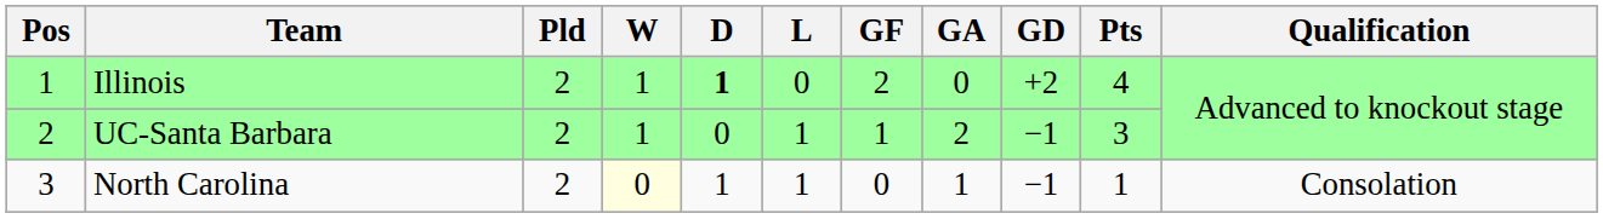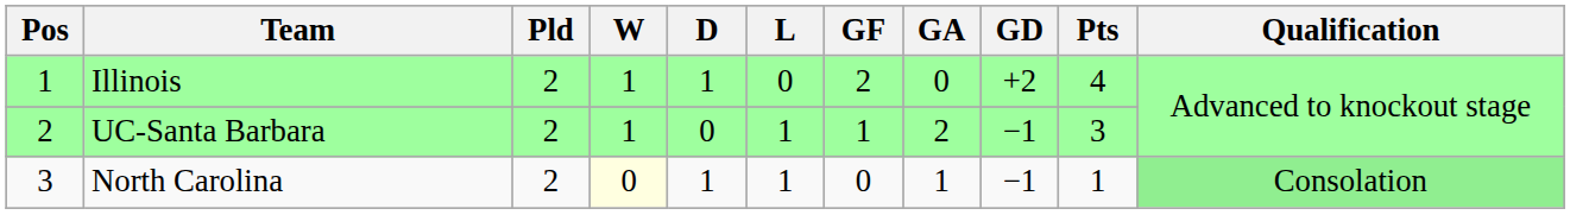 <table class="wikitable" style="text-align:center; margin: 1em auto">
 <tr>
 <th style="width:2em">Pos</th>
 <th style="width:13em">Team</th>
 <th style="width:2em">Pld</th>
 <th style="width:2em">W</th>
 <th style="width:2em">D</th>
 <th style="width:2em">L</th>
 <th style="width:2em">GF</th>
 <th style="width:2em">GA</th>
 <th style="width:2em">GD</th>
 <th style="width:2em">Pts</th>
 <th style="width:13em">Qualification</th>
 </tr>
 <tr bgcolor="#9eff9e">
 <td>1</td>
 <td style="text-align:left">Illinois</td>
 <td>2</td>
 <td>1</td>
-<td><strong>1</strong></td>
+<td>1</td>
 <td>0</td>
 <td>2</td>
 <td>0</td>
 <td>+2</td>
 <td>4</td>
 <td rowspan="2">Advanced to knockout stage</td>
 </tr>
 <tr bgcolor="#9eff9e">
 <td>2</td>
 <td style="text-align:left">UC-Santa Barbara</td>
 <td>2</td>
 <td>1</td>
 <td>0</td>
 <td>1</td>
 <td>1</td>
 <td>2</td>
 <td>−1</td>
 <td>3</td>
 </tr>
 <tr>
 <td>3</td>
 <td style="text-align:left">North Carolina</td>
 <td>2</td>
 <td style="background: lightyellow;">0</td>
 <td>1</td>
 <td>1</td>
 <td>0</td>
 <td>1</td>
 <td>−1</td>
 <td>1</td>
-<td>Consolation</td>
+<td style="background: lightgreen;">Consolation</td>
 </tr>
 </table>
